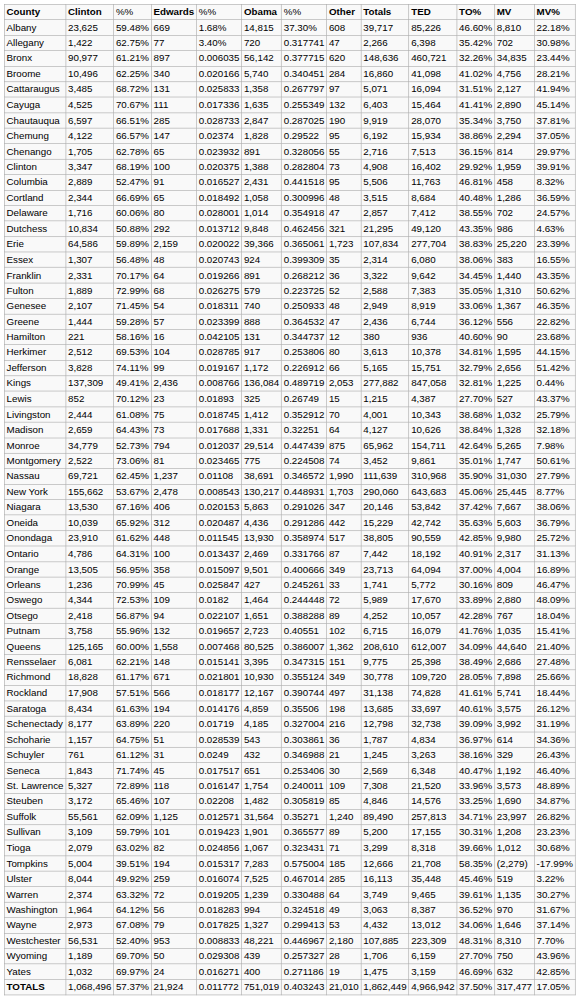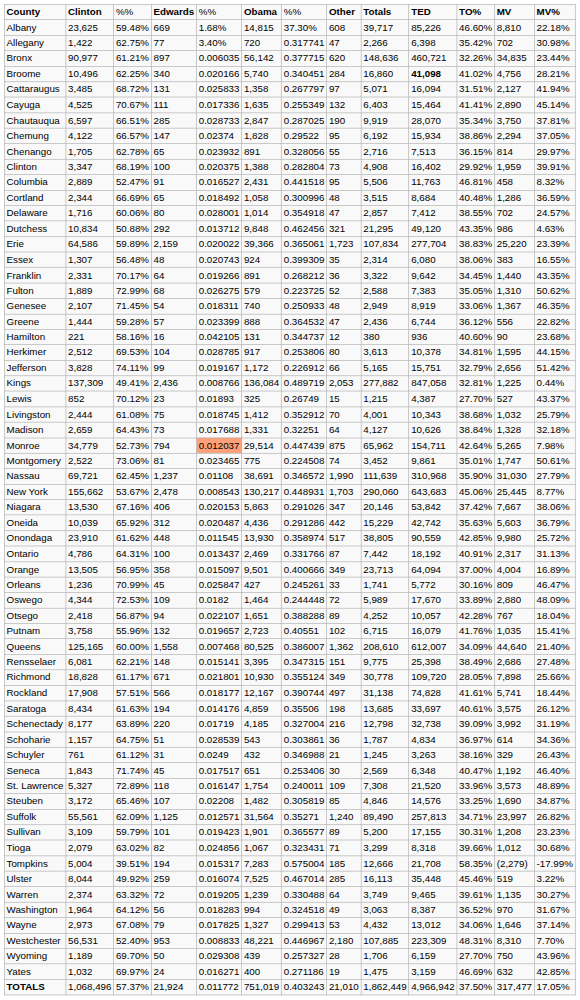 <table class="wikitable sortable mw-collapsible">
 <tr>
 <td><strong>County</strong></td>
 <td><strong>Clinton</strong></td>
 <td>%%</td>
 <td><strong>Edwards</strong></td>
 <td>%%</td>
 <td><strong>Obama</strong></td>
 <td>%%</td>
 <td><strong>Other</strong></td>
 <td><strong>Totals</strong></td>
 <td><strong>TED</strong></td>
 <td><strong>TO%</strong></td>
 <td><strong>MV</strong></td>
 <td><strong>MV%</strong></td>
 </tr>
 <tr>
 <td>Albany</td>
 <td>23,625</td>
 <td>59.48%</td>
 <td>669</td>
 <td>1.68%</td>
 <td>14,815</td>
 <td>37.30%</td>
 <td>608</td>
 <td>39,717</td>
 <td>85,226</td>
 <td>46.60%</td>
 <td>8,810</td>
 <td>22.18%</td>
 </tr>
 <tr>
 <td>Allegany</td>
 <td>1,422</td>
 <td>62.75%</td>
 <td>77</td>
 <td>3.40%</td>
 <td>720</td>
 <td>0.317741</td>
 <td>47</td>
 <td>2,266</td>
 <td>6,398</td>
 <td>35.42%</td>
 <td>702</td>
 <td>30.98%</td>
 </tr>
 <tr>
 <td>Bronx</td>
 <td>90,977</td>
 <td>61.21%</td>
 <td>897</td>
 <td>0.006035</td>
 <td>56,142</td>
 <td>0.377715</td>
 <td>620</td>
 <td>148,636</td>
 <td>460,721</td>
 <td>32.26%</td>
 <td>34,835</td>
 <td>23.44%</td>
 </tr>
 <tr>
 <td>Broome</td>
 <td>10,496</td>
 <td>62.25%</td>
 <td>340</td>
 <td>0.020166</td>
 <td>5,740</td>
 <td>0.340451</td>
 <td>284</td>
 <td>16,860</td>
-<td>41,098</td>
+<td><strong>41,098</strong></td>
 <td>41.02%</td>
 <td>4,756</td>
 <td>28.21%</td>
 </tr>
 <tr>
 <td>Cattaraugus</td>
 <td>3,485</td>
 <td>68.72%</td>
 <td>131</td>
 <td>0.025833</td>
 <td>1,358</td>
 <td>0.267797</td>
 <td>97</td>
 <td>5,071</td>
 <td>16,094</td>
 <td>31.51%</td>
 <td>2,127</td>
 <td>41.94%</td>
 </tr>
 <tr>
 <td>Cayuga</td>
 <td>4,525</td>
 <td>70.67%</td>
 <td>111</td>
 <td>0.017336</td>
 <td>1,635</td>
 <td>0.255349</td>
 <td>132</td>
 <td>6,403</td>
 <td>15,464</td>
 <td>41.41%</td>
 <td>2,890</td>
 <td>45.14%</td>
 </tr>
 <tr>
 <td>Chautauqua</td>
 <td>6,597</td>
 <td>66.51%</td>
 <td>285</td>
 <td>0.028733</td>
 <td>2,847</td>
 <td>0.287025</td>
 <td>190</td>
 <td>9,919</td>
 <td>28,070</td>
 <td>35.34%</td>
 <td>3,750</td>
 <td>37.81%</td>
 </tr>
 <tr>
 <td>Chemung</td>
 <td>4,122</td>
 <td>66.57%</td>
 <td>147</td>
 <td>0.02374</td>
 <td>1,828</td>
 <td>0.29522</td>
 <td>95</td>
 <td>6,192</td>
 <td>15,934</td>
 <td>38.86%</td>
 <td>2,294</td>
 <td>37.05%</td>
 </tr>
 <tr>
 <td>Chenango</td>
 <td>1,705</td>
 <td>62.78%</td>
 <td>65</td>
 <td>0.023932</td>
 <td>891</td>
 <td>0.328056</td>
 <td>55</td>
 <td>2,716</td>
 <td>7,513</td>
 <td>36.15%</td>
 <td>814</td>
 <td>29.97%</td>
 </tr>
 <tr>
 <td>Clinton</td>
 <td>3,347</td>
 <td>68.19%</td>
 <td>100</td>
 <td>0.020375</td>
 <td>1,388</td>
 <td>0.282804</td>
 <td>73</td>
 <td>4,908</td>
 <td>16,402</td>
 <td>29.92%</td>
 <td>1,959</td>
 <td>39.91%</td>
 </tr>
 <tr>
 <td>Columbia</td>
 <td>2,889</td>
 <td>52.47%</td>
 <td>91</td>
 <td>0.016527</td>
 <td>2,431</td>
 <td>0.441518</td>
 <td>95</td>
 <td>5,506</td>
 <td>11,763</td>
 <td>46.81%</td>
 <td>458</td>
 <td>8.32%</td>
 </tr>
 <tr>
 <td>Cortland</td>
 <td>2,344</td>
 <td>66.69%</td>
 <td>65</td>
 <td>0.018492</td>
 <td>1,058</td>
 <td>0.300996</td>
 <td>48</td>
 <td>3,515</td>
 <td>8,684</td>
 <td>40.48%</td>
 <td>1,286</td>
 <td>36.59%</td>
 </tr>
 <tr>
 <td>Delaware</td>
 <td>1,716</td>
 <td>60.06%</td>
 <td>80</td>
 <td>0.028001</td>
 <td>1,014</td>
 <td>0.354918</td>
 <td>47</td>
 <td>2,857</td>
 <td>7,412</td>
 <td>38.55%</td>
 <td>702</td>
 <td>24.57%</td>
 </tr>
 <tr>
 <td>Dutchess</td>
 <td>10,834</td>
 <td>50.88%</td>
 <td>292</td>
 <td>0.013712</td>
 <td>9,848</td>
 <td>0.462456</td>
 <td>321</td>
 <td>21,295</td>
 <td>49,120</td>
 <td>43.35%</td>
 <td>986</td>
 <td>4.63%</td>
 </tr>
 <tr>
 <td>Erie</td>
 <td>64,586</td>
 <td>59.89%</td>
 <td>2,159</td>
 <td>0.020022</td>
 <td>39,366</td>
 <td>0.365061</td>
 <td>1,723</td>
 <td>107,834</td>
 <td>277,704</td>
 <td>38.83%</td>
 <td>25,220</td>
 <td>23.39%</td>
 </tr>
 <tr>
 <td>Essex</td>
 <td>1,307</td>
 <td>56.48%</td>
 <td>48</td>
 <td>0.020743</td>
 <td>924</td>
 <td>0.399309</td>
 <td>35</td>
 <td>2,314</td>
 <td>6,080</td>
 <td>38.06%</td>
 <td>383</td>
 <td>16.55%</td>
 </tr>
 <tr>
 <td>Franklin</td>
 <td>2,331</td>
 <td>70.17%</td>
 <td>64</td>
 <td>0.019266</td>
 <td>891</td>
 <td>0.268212</td>
 <td>36</td>
 <td>3,322</td>
 <td>9,642</td>
 <td>34.45%</td>
 <td>1,440</td>
 <td>43.35%</td>
 </tr>
 <tr>
 <td>Fulton</td>
 <td>1,889</td>
 <td>72.99%</td>
 <td>68</td>
 <td>0.026275</td>
 <td>579</td>
 <td>0.223725</td>
 <td>52</td>
 <td>2,588</td>
 <td>7,383</td>
 <td>35.05%</td>
 <td>1,310</td>
 <td>50.62%</td>
 </tr>
 <tr>
 <td>Genesee</td>
 <td>2,107</td>
 <td>71.45%</td>
 <td>54</td>
 <td>0.018311</td>
 <td>740</td>
 <td>0.250933</td>
 <td>48</td>
 <td>2,949</td>
 <td>8,919</td>
 <td>33.06%</td>
 <td>1,367</td>
 <td>46.35%</td>
 </tr>
 <tr>
 <td>Greene</td>
 <td>1,444</td>
 <td>59.28%</td>
 <td>57</td>
 <td>0.023399</td>
 <td>888</td>
 <td>0.364532</td>
 <td>47</td>
 <td>2,436</td>
 <td>6,744</td>
 <td>36.12%</td>
 <td>556</td>
 <td>22.82%</td>
 </tr>
 <tr>
 <td>Hamilton</td>
 <td>221</td>
 <td>58.16%</td>
 <td>16</td>
 <td>0.042105</td>
 <td>131</td>
 <td>0.344737</td>
 <td>12</td>
 <td>380</td>
 <td>936</td>
 <td>40.60%</td>
 <td>90</td>
 <td>23.68%</td>
 </tr>
 <tr>
 <td>Herkimer</td>
 <td>2,512</td>
 <td>69.53%</td>
 <td>104</td>
 <td>0.028785</td>
 <td>917</td>
 <td>0.253806</td>
 <td>80</td>
 <td>3,613</td>
 <td>10,378</td>
 <td>34.81%</td>
 <td>1,595</td>
 <td>44.15%</td>
 </tr>
 <tr>
 <td>Jefferson</td>
 <td>3,828</td>
 <td>74.11%</td>
 <td>99</td>
 <td>0.019167</td>
 <td>1,172</td>
 <td>0.226912</td>
 <td>66</td>
 <td>5,165</td>
 <td>15,751</td>
 <td>32.79%</td>
 <td>2,656</td>
 <td>51.42%</td>
 </tr>
 <tr>
 <td>Kings</td>
 <td>137,309</td>
 <td>49.41%</td>
 <td>2,436</td>
 <td>0.008766</td>
 <td>136,084</td>
 <td>0.489719</td>
 <td>2,053</td>
 <td>277,882</td>
 <td>847,058</td>
 <td>32.81%</td>
 <td>1,225</td>
 <td>0.44%</td>
 </tr>
 <tr>
 <td>Lewis</td>
 <td>852</td>
 <td>70.12%</td>
 <td>23</td>
 <td>0.01893</td>
 <td>325</td>
 <td>0.26749</td>
 <td>15</td>
 <td>1,215</td>
 <td>4,387</td>
 <td>27.70%</td>
 <td>527</td>
 <td>43.37%</td>
 </tr>
 <tr>
 <td>Livingston</td>
 <td>2,444</td>
 <td>61.08%</td>
 <td>75</td>
 <td>0.018745</td>
 <td>1,412</td>
 <td>0.352912</td>
 <td>70</td>
 <td>4,001</td>
 <td>10,343</td>
 <td>38.68%</td>
 <td>1,032</td>
 <td>25.79%</td>
 </tr>
 <tr>
 <td>Madison</td>
 <td>2,659</td>
 <td>64.43%</td>
 <td>73</td>
 <td>0.017688</td>
 <td>1,331</td>
 <td>0.32251</td>
 <td>64</td>
 <td>4,127</td>
 <td>10,626</td>
 <td>38.84%</td>
 <td>1,328</td>
 <td>32.18%</td>
 </tr>
 <tr>
 <td>Monroe</td>
 <td>34,779</td>
 <td>52.73%</td>
 <td>794</td>
-<td>0.012037</td>
+<td style="background: lightsalmon;">0.012037</td>
 <td>29,514</td>
 <td>0.447439</td>
 <td>875</td>
 <td>65,962</td>
 <td>154,711</td>
 <td>42.64%</td>
 <td>5,265</td>
 <td>7.98%</td>
 </tr>
 <tr>
 <td>Montgomery</td>
 <td>2,522</td>
 <td>73.06%</td>
 <td>81</td>
 <td>0.023465</td>
 <td>775</td>
 <td>0.224508</td>
 <td>74</td>
 <td>3,452</td>
 <td>9,861</td>
 <td>35.01%</td>
 <td>1,747</td>
 <td>50.61%</td>
 </tr>
 <tr>
 <td>Nassau</td>
 <td>69,721</td>
 <td>62.45%</td>
 <td>1,237</td>
 <td>0.01108</td>
 <td>38,691</td>
 <td>0.346572</td>
 <td>1,990</td>
 <td>111,639</td>
 <td>310,968</td>
 <td>35.90%</td>
 <td>31,030</td>
 <td>27.79%</td>
 </tr>
 <tr>
 <td>New York</td>
 <td>155,662</td>
 <td>53.67%</td>
 <td>2,478</td>
 <td>0.008543</td>
 <td>130,217</td>
 <td>0.448931</td>
 <td>1,703</td>
 <td>290,060</td>
 <td>643,683</td>
 <td>45.06%</td>
 <td>25,445</td>
 <td>8.77%</td>
 </tr>
 <tr>
 <td>Niagara</td>
 <td>13,530</td>
 <td>67.16%</td>
 <td>406</td>
 <td>0.020153</td>
 <td>5,863</td>
 <td>0.291026</td>
 <td>347</td>
 <td>20,146</td>
 <td>53,842</td>
 <td>37.42%</td>
 <td>7,667</td>
 <td>38.06%</td>
 </tr>
 <tr>
 <td>Oneida</td>
 <td>10,039</td>
 <td>65.92%</td>
 <td>312</td>
 <td>0.020487</td>
 <td>4,436</td>
 <td>0.291286</td>
 <td>442</td>
 <td>15,229</td>
 <td>42,742</td>
 <td>35.63%</td>
 <td>5,603</td>
 <td>36.79%</td>
 </tr>
 <tr>
 <td>Onondaga</td>
 <td>23,910</td>
 <td>61.62%</td>
 <td>448</td>
 <td>0.011545</td>
 <td>13,930</td>
 <td>0.358974</td>
 <td>517</td>
 <td>38,805</td>
 <td>90,559</td>
 <td>42.85%</td>
 <td>9,980</td>
 <td>25.72%</td>
 </tr>
 <tr>
 <td>Ontario</td>
 <td>4,786</td>
 <td>64.31%</td>
 <td>100</td>
 <td>0.013437</td>
 <td>2,469</td>
 <td>0.331766</td>
 <td>87</td>
 <td>7,442</td>
 <td>18,192</td>
 <td>40.91%</td>
 <td>2,317</td>
 <td>31.13%</td>
 </tr>
 <tr>
 <td>Orange</td>
 <td>13,505</td>
 <td>56.95%</td>
 <td>358</td>
 <td>0.015097</td>
 <td>9,501</td>
 <td>0.400666</td>
 <td>349</td>
 <td>23,713</td>
 <td>64,094</td>
 <td>37.00%</td>
 <td>4,004</td>
 <td>16.89%</td>
 </tr>
 <tr>
 <td>Orleans</td>
 <td>1,236</td>
 <td>70.99%</td>
 <td>45</td>
 <td>0.025847</td>
 <td>427</td>
 <td>0.245261</td>
 <td>33</td>
 <td>1,741</td>
 <td>5,772</td>
 <td>30.16%</td>
 <td>809</td>
 <td>46.47%</td>
 </tr>
 <tr>
 <td>Oswego</td>
 <td>4,344</td>
 <td>72.53%</td>
 <td>109</td>
 <td>0.0182</td>
 <td>1,464</td>
 <td>0.244448</td>
 <td>72</td>
 <td>5,989</td>
 <td>17,670</td>
 <td>33.89%</td>
 <td>2,880</td>
 <td>48.09%</td>
 </tr>
 <tr>
 <td>Otsego</td>
 <td>2,418</td>
 <td>56.87%</td>
 <td>94</td>
 <td>0.022107</td>
 <td>1,651</td>
 <td>0.388288</td>
 <td>89</td>
 <td>4,252</td>
 <td>10,057</td>
 <td>42.28%</td>
 <td>767</td>
 <td>18.04%</td>
 </tr>
 <tr>
 <td>Putnam</td>
 <td>3,758</td>
 <td>55.96%</td>
 <td>132</td>
 <td>0.019657</td>
 <td>2,723</td>
 <td>0.40551</td>
 <td>102</td>
 <td>6,715</td>
 <td>16,079</td>
 <td>41.76%</td>
 <td>1,035</td>
 <td>15.41%</td>
 </tr>
 <tr>
 <td>Queens</td>
 <td>125,165</td>
 <td>60.00%</td>
 <td>1,558</td>
 <td>0.007468</td>
 <td>80,525</td>
 <td>0.386007</td>
 <td>1,362</td>
 <td>208,610</td>
 <td>612,007</td>
 <td>34.09%</td>
 <td>44,640</td>
 <td>21.40%</td>
 </tr>
 <tr>
 <td>Rensselaer</td>
 <td>6,081</td>
 <td>62.21%</td>
 <td>148</td>
 <td>0.015141</td>
 <td>3,395</td>
 <td>0.347315</td>
 <td>151</td>
 <td>9,775</td>
 <td>25,398</td>
 <td>38.49%</td>
 <td>2,686</td>
 <td>27.48%</td>
 </tr>
 <tr>
 <td>Richmond</td>
 <td>18,828</td>
 <td>61.17%</td>
 <td>671</td>
 <td>0.021801</td>
 <td>10,930</td>
 <td>0.355124</td>
 <td>349</td>
 <td>30,778</td>
 <td>109,720</td>
 <td>28.05%</td>
 <td>7,898</td>
 <td>25.66%</td>
 </tr>
 <tr>
 <td>Rockland</td>
 <td>17,908</td>
 <td>57.51%</td>
 <td>566</td>
 <td>0.018177</td>
 <td>12,167</td>
 <td>0.390744</td>
 <td>497</td>
 <td>31,138</td>
 <td>74,828</td>
 <td>41.61%</td>
 <td>5,741</td>
 <td>18.44%</td>
 </tr>
 <tr>
 <td>Saratoga</td>
 <td>8,434</td>
 <td>61.63%</td>
 <td>194</td>
 <td>0.014176</td>
 <td>4,859</td>
 <td>0.35506</td>
 <td>198</td>
 <td>13,685</td>
 <td>33,697</td>
 <td>40.61%</td>
 <td>3,575</td>
 <td>26.12%</td>
 </tr>
 <tr>
 <td>Schenectady</td>
 <td>8,177</td>
 <td>63.89%</td>
 <td>220</td>
 <td>0.01719</td>
 <td>4,185</td>
 <td>0.327004</td>
 <td>216</td>
 <td>12,798</td>
 <td>32,738</td>
 <td>39.09%</td>
 <td>3,992</td>
 <td>31.19%</td>
 </tr>
 <tr>
 <td>Schoharie</td>
 <td>1,157</td>
 <td>64.75%</td>
 <td>51</td>
 <td>0.028539</td>
 <td>543</td>
 <td>0.303861</td>
 <td>36</td>
 <td>1,787</td>
 <td>4,834</td>
 <td>36.97%</td>
 <td>614</td>
 <td>34.36%</td>
 </tr>
 <tr>
 <td>Schuyler</td>
 <td>761</td>
 <td>61.12%</td>
 <td>31</td>
 <td>0.0249</td>
 <td>432</td>
 <td>0.346988</td>
 <td>21</td>
 <td>1,245</td>
 <td>3,263</td>
 <td>38.16%</td>
 <td>329</td>
 <td>26.43%</td>
 </tr>
 <tr>
 <td>Seneca</td>
 <td>1,843</td>
 <td>71.74%</td>
 <td>45</td>
 <td>0.017517</td>
 <td>651</td>
 <td>0.253406</td>
 <td>30</td>
 <td>2,569</td>
 <td>6,348</td>
 <td>40.47%</td>
 <td>1,192</td>
 <td>46.40%</td>
 </tr>
 <tr>
 <td>St. Lawrence</td>
 <td>5,327</td>
 <td>72.89%</td>
 <td>118</td>
 <td>0.016147</td>
 <td>1,754</td>
 <td>0.240011</td>
 <td>109</td>
 <td>7,308</td>
 <td>21,520</td>
 <td>33.96%</td>
 <td>3,573</td>
 <td>48.89%</td>
 </tr>
 <tr>
 <td>Steuben</td>
 <td>3,172</td>
 <td>65.46%</td>
 <td>107</td>
 <td>0.02208</td>
 <td>1,482</td>
 <td>0.305819</td>
 <td>85</td>
 <td>4,846</td>
 <td>14,576</td>
 <td>33.25%</td>
 <td>1,690</td>
 <td>34.87%</td>
 </tr>
 <tr>
 <td>Suffolk</td>
 <td>55,561</td>
 <td>62.09%</td>
 <td>1,125</td>
 <td>0.012571</td>
 <td>31,564</td>
 <td>0.35271</td>
 <td>1,240</td>
 <td>89,490</td>
 <td>257,813</td>
 <td>34.71%</td>
 <td>23,997</td>
 <td>26.82%</td>
 </tr>
 <tr>
 <td>Sullivan</td>
 <td>3,109</td>
 <td>59.79%</td>
 <td>101</td>
 <td>0.019423</td>
 <td>1,901</td>
 <td>0.365577</td>
 <td>89</td>
 <td>5,200</td>
 <td>17,155</td>
 <td>30.31%</td>
 <td>1,208</td>
 <td>23.23%</td>
 </tr>
 <tr>
 <td>Tioga</td>
 <td>2,079</td>
 <td>63.02%</td>
 <td>82</td>
 <td>0.024856</td>
 <td>1,067</td>
 <td>0.323431</td>
 <td>71</td>
 <td>3,299</td>
 <td>8,318</td>
 <td>39.66%</td>
 <td>1,012</td>
 <td>30.68%</td>
 </tr>
 <tr>
 <td>Tompkins</td>
 <td>5,004</td>
 <td>39.51%</td>
 <td>194</td>
 <td>0.015317</td>
 <td>7,283</td>
 <td>0.575004</td>
 <td>185</td>
 <td>12,666</td>
 <td>21,708</td>
 <td>58.35%</td>
 <td>(2,279)</td>
 <td>-17.99%</td>
 </tr>
 <tr>
 <td>Ulster</td>
 <td>8,044</td>
 <td>49.92%</td>
 <td>259</td>
 <td>0.016074</td>
 <td>7,525</td>
 <td>0.467014</td>
 <td>285</td>
 <td>16,113</td>
 <td>35,448</td>
 <td>45.46%</td>
 <td>519</td>
 <td>3.22%</td>
 </tr>
 <tr>
 <td>Warren</td>
 <td>2,374</td>
 <td>63.32%</td>
 <td>72</td>
 <td>0.019205</td>
 <td>1,239</td>
 <td>0.330488</td>
 <td>64</td>
 <td>3,749</td>
 <td>9,465</td>
 <td>39.61%</td>
 <td>1,135</td>
 <td>30.27%</td>
 </tr>
 <tr>
 <td>Washington</td>
 <td>1,964</td>
 <td>64.12%</td>
 <td>56</td>
 <td>0.018283</td>
 <td>994</td>
 <td>0.324518</td>
 <td>49</td>
 <td>3,063</td>
 <td>8,387</td>
 <td>36.52%</td>
 <td>970</td>
 <td>31.67%</td>
 </tr>
 <tr>
 <td>Wayne</td>
 <td>2,973</td>
 <td>67.08%</td>
 <td>79</td>
 <td>0.017825</td>
 <td>1,327</td>
 <td>0.299413</td>
 <td>53</td>
 <td>4,432</td>
 <td>13,012</td>
 <td>34.06%</td>
 <td>1,646</td>
 <td>37.14%</td>
 </tr>
 <tr>
 <td>Westchester</td>
 <td>56,531</td>
 <td>52.40%</td>
 <td>953</td>
 <td>0.008833</td>
 <td>48,221</td>
 <td>0.446967</td>
 <td>2,180</td>
 <td>107,885</td>
 <td>223,309</td>
 <td>48.31%</td>
 <td>8,310</td>
 <td>7.70%</td>
 </tr>
 <tr>
 <td>Wyoming</td>
 <td>1,189</td>
 <td>69.70%</td>
 <td>50</td>
 <td>0.029308</td>
 <td>439</td>
 <td>0.257327</td>
 <td>28</td>
 <td>1,706</td>
 <td>6,159</td>
 <td>27.70%</td>
 <td>750</td>
 <td>43.96%</td>
 </tr>
 <tr>
 <td>Yates</td>
 <td>1,032</td>
 <td>69.97%</td>
 <td>24</td>
 <td>0.016271</td>
 <td>400</td>
 <td>0.271186</td>
 <td>19</td>
 <td>1,475</td>
 <td>3,159</td>
 <td>46.69%</td>
 <td>632</td>
 <td>42.85%</td>
 </tr>
 <tr>
 <td><strong>TOTALS</strong></td>
 <td>1,068,496</td>
 <td>57.37%</td>
 <td>21,924</td>
 <td>0.011772</td>
 <td>751,019</td>
 <td>0.403243</td>
 <td>21,010</td>
 <td>1,862,449</td>
 <td>4,966,942</td>
 <td>37.50%</td>
 <td>317,477</td>
 <td>17.05%</td>
 </tr>
 </table>
